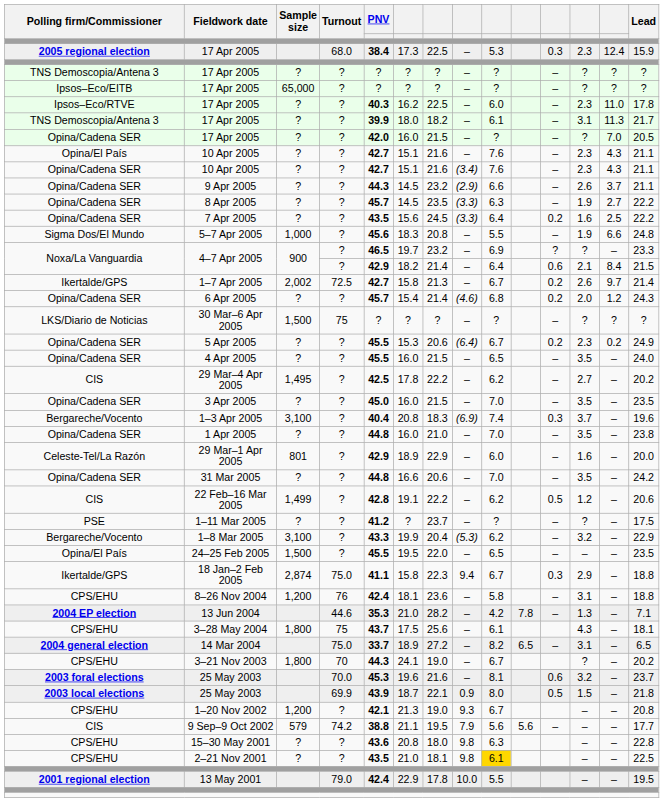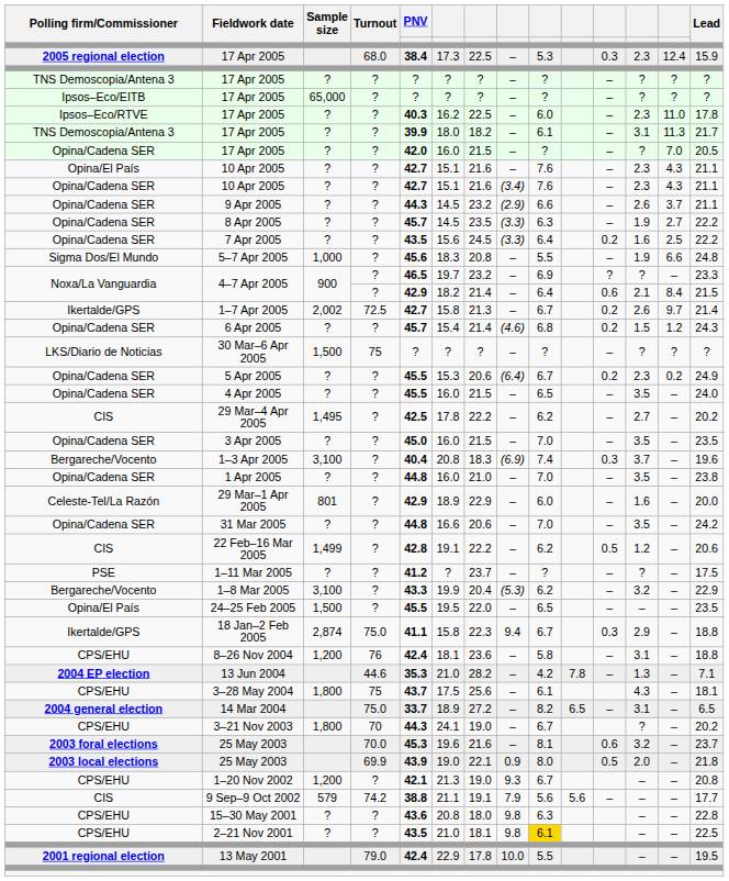 <table class="wikitable collapsible collapsed" style="text-align:center; font-size:95%; line-height:16px;">
 <tr style="height:42px;">
 <th style="width:250px;" rowspan="2">Polling firm/Commissioner</th>
 <th style="width:125px;" rowspan="2">Fieldwork date</th>
 <th style="width:50px;" rowspan="2">Sample size</th>
 <th style="width:45px;" rowspan="2">Turnout</th>
 <th style="width:35px;"><a href='#'>PNV</a></th>
 <th style="width:35px;"></th>
 <th style="width:35px;"></th>
 <th style="width:35px;"><br></th>
 <th style="width:35px;"></th>
 <th style="width:35px;"></th>
 <th style="width:35px;"></th>
 <th style="width:35px;"></th>
 <th style="width:35px;"></th>
 <th style="width:30px;" rowspan="2">Lead</th>
 </tr>
 <tr>
 <th style="color:inherit;background:"></th>
 <th style="color:inherit;background:"></th>
 <th style="color:inherit;background:"></th>
 <th style="color:inherit;background:"></th>
 <th style="color:inherit;background:"></th>
 <th style="color:inherit;background:"></th>
 <th style="color:inherit;background:"></th>
 <th style="color:inherit;background:"></th>
 <th style="color:inherit;background:"></th>
 </tr>
 <tr>
 <td colspan="14" style="background:#A0A0A0"></td>
 </tr>
 <tr style="background:#EFEFEF;">
 <td><strong><a href='#'>2005 regional election</a></strong></td>
 <td>17 Apr 2005</td>
 <td></td>
 <td>68.0</td>
 <td><strong>38.4</strong><br></td>
 <td>17.3<br></td>
 <td>22.5<br></td>
 <td>–</td>
 <td>5.3<br></td>
 <td></td>
 <td>0.3<br></td>
 <td>2.3<br></td>
 <td>12.4<br></td>
 <td style="background:">15.9</td>
 </tr>
 <tr>
 <td colspan="14" style="background:#A0A0A0"></td>
 </tr>
 <tr style="background:#EAFFEA;">
 <td>TNS Demoscopia/Antena 3</td>
 <td>17 Apr 2005</td>
 <td>?</td>
 <td>?</td>
 <td>?<br></td>
 <td>?<br></td>
 <td>?<br></td>
 <td>–</td>
 <td>?<br></td>
 <td></td>
 <td>–</td>
 <td>?<br></td>
 <td>?<br></td>
 <td style="background:">?</td>
 </tr>
 <tr style="background:#EAFFEA;">
 <td>Ipsos–Eco/EITB</td>
 <td>17 Apr 2005</td>
 <td>65,000</td>
 <td>?</td>
 <td>?<br></td>
 <td>?<br></td>
 <td>?<br></td>
 <td>–</td>
 <td>?<br></td>
 <td></td>
 <td>–</td>
 <td>?<br></td>
 <td>?<br></td>
 <td style="background:">?</td>
 </tr>
 <tr style="background:#EAFFEA;">
 <td>Ipsos–Eco/RTVE</td>
 <td>17 Apr 2005</td>
 <td>?</td>
 <td>?</td>
 <td><strong>40.3</strong><br></td>
 <td>16.2<br></td>
 <td>22.5<br></td>
 <td>–</td>
 <td>6.0<br></td>
 <td></td>
 <td>–</td>
 <td>2.3<br></td>
 <td>11.0<br></td>
 <td style="background:">17.8</td>
 </tr>
 <tr style="background:#EAFFEA;">
 <td>TNS Demoscopia/Antena 3</td>
 <td>17 Apr 2005</td>
 <td>?</td>
 <td>?</td>
 <td><strong>39.9</strong><br></td>
 <td>18.0<br></td>
 <td>18.2<br></td>
 <td>–</td>
 <td>6.1<br></td>
 <td></td>
 <td>–</td>
 <td>3.1<br></td>
 <td>11.3<br></td>
 <td style="background:">21.7</td>
 </tr>
 <tr style="background:#EAFFEA;">
 <td>Opina/Cadena SER</td>
 <td>17 Apr 2005</td>
 <td>?</td>
 <td>?</td>
 <td><strong>42.0</strong><br></td>
 <td>16.0<br></td>
 <td>21.5<br></td>
 <td>–</td>
 <td>?<br></td>
 <td></td>
 <td>–</td>
 <td>?<br></td>
 <td>7.0<br></td>
 <td style="background:">20.5</td>
 </tr>
 <tr>
 <td>Opina/El País</td>
 <td>10 Apr 2005</td>
 <td>?</td>
 <td>?</td>
 <td><strong>42.7</strong><br></td>
 <td>15.1<br></td>
 <td>21.6<br></td>
 <td>–</td>
 <td>7.6<br></td>
 <td></td>
 <td>–</td>
 <td>2.3<br></td>
 <td>4.3<br></td>
 <td style="background:">21.1</td>
 </tr>
 <tr>
 <td>Opina/Cadena SER</td>
 <td>10 Apr 2005</td>
 <td>?</td>
 <td>?</td>
 <td><strong>42.7</strong><br></td>
 <td>15.1<br></td>
 <td>21.6<br></td>
 <td><em>(3.4)</em></td>
 <td>7.6<br></td>
 <td></td>
 <td>–</td>
 <td>2.3<br></td>
 <td>4.3<br></td>
 <td style="background:">21.1</td>
 </tr>
 <tr>
 <td>Opina/Cadena SER</td>
 <td>9 Apr 2005</td>
 <td>?</td>
 <td>?</td>
 <td><strong>44.3</strong><br></td>
 <td>14.5<br></td>
 <td>23.2<br></td>
 <td><em>(2.9)</em></td>
 <td>6.6<br></td>
 <td></td>
 <td>–</td>
 <td>2.6<br></td>
 <td>3.7<br></td>
 <td style="background:">21.1</td>
 </tr>
 <tr>
 <td>Opina/Cadena SER</td>
 <td>8 Apr 2005</td>
 <td>?</td>
 <td>?</td>
 <td><strong>45.7</strong><br></td>
 <td>14.5<br></td>
 <td>23.5<br></td>
 <td><em>(3.3)</em></td>
 <td>6.3<br></td>
 <td></td>
 <td>–</td>
 <td>1.9<br></td>
 <td>2.7<br></td>
 <td style="background:">22.2</td>
 </tr>
 <tr>
 <td>Opina/Cadena SER</td>
 <td>7 Apr 2005</td>
 <td>?</td>
 <td>?</td>
 <td><strong>43.5</strong><br></td>
 <td>15.6<br></td>
 <td>24.5<br></td>
 <td><em>(3.3)</em></td>
 <td>6.4<br></td>
 <td></td>
 <td>0.2<br></td>
 <td>1.6<br></td>
 <td>2.5<br></td>
 <td style="background:">22.2</td>
 </tr>
 <tr>
 <td>Sigma Dos/El Mundo</td>
 <td>5–7 Apr 2005</td>
 <td>1,000</td>
 <td>?</td>
 <td><strong>45.6</strong><br></td>
 <td>18.3<br></td>
 <td>20.8<br></td>
 <td>–</td>
 <td>5.5<br></td>
 <td></td>
 <td>–</td>
 <td>1.9<br></td>
 <td>6.6<br></td>
 <td style="background:">24.8</td>
 </tr>
 <tr>
 <td rowspan="2">Noxa/La Vanguardia</td>
 <td rowspan="2">4–7 Apr 2005</td>
 <td rowspan="2">900</td>
 <td>?</td>
 <td><strong>46.5</strong><br></td>
 <td>19.7<br></td>
 <td>23.2<br></td>
 <td>–</td>
 <td>6.9<br></td>
 <td></td>
 <td>?<br></td>
 <td>?<br></td>
 <td>–</td>
 <td style="background:">23.3</td>
 </tr>
 <tr>
 <td>?</td>
 <td><strong>42.9</strong><br></td>
 <td>18.2<br></td>
 <td>21.4<br></td>
 <td>–</td>
 <td>6.4<br></td>
 <td></td>
 <td>0.6<br></td>
 <td>2.1<br></td>
 <td>8.4<br></td>
 <td style="background:">21.5</td>
 </tr>
 <tr>
 <td>Ikertalde/GPS</td>
 <td>1–7 Apr 2005</td>
 <td>2,002</td>
 <td>72.5</td>
 <td><strong>42.7</strong><br></td>
 <td>15.8<br></td>
 <td>21.3<br></td>
 <td>–</td>
 <td>6.7<br></td>
 <td></td>
 <td>0.2<br></td>
 <td>2.6<br></td>
 <td>9.7<br></td>
 <td style="background:">21.4</td>
 </tr>
 <tr>
 <td>Opina/Cadena SER</td>
 <td>6 Apr 2005</td>
 <td>?</td>
 <td>?</td>
 <td><strong>45.7</strong><br></td>
 <td>15.4<br></td>
 <td>21.4<br></td>
 <td><em>(4.6)</em></td>
 <td>6.8<br></td>
 <td></td>
 <td>0.2<br></td>
-<td>2.0<br></td>
+<td>1.5</td>
 <td>1.2<br></td>
 <td style="background:">24.3</td>
 </tr>
 <tr>
 <td>LKS/Diario de Noticias</td>
 <td>30 Mar–6 Apr 2005</td>
 <td>1,500</td>
 <td>75</td>
 <td>?<br></td>
 <td>?<br></td>
 <td>?<br></td>
 <td>–</td>
 <td>?<br></td>
 <td></td>
 <td>–</td>
 <td>?<br></td>
 <td>?<br></td>
 <td style="background:">?</td>
 </tr>
 <tr>
 <td>Opina/Cadena SER</td>
 <td>5 Apr 2005</td>
 <td>?</td>
 <td>?</td>
 <td><strong>45.5</strong><br></td>
 <td>15.3<br></td>
 <td>20.6<br></td>
 <td><em>(6.4)</em></td>
 <td>6.7<br></td>
 <td></td>
 <td>0.2<br></td>
 <td>2.3<br></td>
 <td>0.2<br></td>
 <td style="background:">24.9</td>
 </tr>
 <tr>
 <td>Opina/Cadena SER</td>
 <td>4 Apr 2005</td>
 <td>?</td>
 <td>?</td>
 <td><strong>45.5</strong><br></td>
 <td>16.0<br></td>
 <td>21.5<br></td>
 <td>–</td>
 <td>6.5<br></td>
 <td></td>
 <td>–</td>
 <td>3.5<br></td>
 <td>–</td>
 <td style="background:">24.0</td>
 </tr>
 <tr>
 <td>CIS</td>
 <td>29 Mar–4 Apr 2005</td>
 <td>1,495</td>
 <td>?</td>
 <td><strong>42.5</strong><br></td>
 <td>17.8<br></td>
 <td>22.2<br></td>
 <td>–</td>
 <td>6.2<br></td>
 <td></td>
 <td>–</td>
 <td>2.7<br></td>
 <td>–</td>
 <td style="background:">20.2</td>
 </tr>
 <tr>
 <td>Opina/Cadena SER</td>
 <td>3 Apr 2005</td>
 <td>?</td>
 <td>?</td>
 <td><strong>45.0</strong><br></td>
 <td>16.0<br></td>
 <td>21.5<br></td>
 <td>–</td>
 <td>7.0<br></td>
 <td></td>
 <td>–</td>
 <td>3.5<br></td>
 <td>–</td>
 <td style="background:">23.5</td>
 </tr>
 <tr>
 <td>Bergareche/Vocento</td>
 <td>1–3 Apr 2005</td>
 <td>3,100</td>
 <td>?</td>
 <td><strong>40.4</strong><br></td>
 <td>20.8<br></td>
 <td>18.3<br></td>
 <td><em>(6.9)</em></td>
 <td>7.4<br></td>
 <td></td>
 <td>0.3<br></td>
 <td>3.7<br></td>
 <td>–</td>
 <td style="background:">19.6</td>
 </tr>
 <tr>
 <td>Opina/Cadena SER</td>
 <td>1 Apr 2005</td>
 <td>?</td>
 <td>?</td>
 <td><strong>44.8</strong><br></td>
 <td>16.0<br></td>
 <td>21.0<br></td>
 <td>–</td>
 <td>7.0<br></td>
 <td></td>
 <td>–</td>
 <td>3.5<br></td>
 <td>–</td>
 <td style="background:">23.8</td>
 </tr>
 <tr>
 <td>Celeste-Tel/La Razón</td>
 <td>29 Mar–1 Apr 2005</td>
 <td>801</td>
 <td>?</td>
 <td><strong>42.9</strong><br></td>
 <td>18.9<br></td>
 <td>22.9<br></td>
 <td>–</td>
 <td>6.0<br></td>
 <td></td>
 <td>–</td>
 <td>1.6<br></td>
 <td>–</td>
 <td style="background:">20.0</td>
 </tr>
 <tr>
 <td>Opina/Cadena SER</td>
 <td>31 Mar 2005</td>
 <td>?</td>
 <td>?</td>
 <td><strong>44.8</strong><br></td>
 <td>16.6<br></td>
 <td>20.6<br></td>
 <td>–</td>
 <td>7.0<br></td>
 <td></td>
 <td>–</td>
 <td>3.5<br></td>
 <td>–</td>
 <td style="background:">24.2</td>
 </tr>
 <tr>
 <td>CIS</td>
 <td>22 Feb–16 Mar 2005</td>
 <td>1,499</td>
 <td>?</td>
 <td><strong>42.8</strong><br></td>
 <td>19.1<br></td>
 <td>22.2<br></td>
 <td>–</td>
 <td>6.2<br></td>
 <td></td>
 <td>0.5<br></td>
 <td>1.2<br></td>
 <td>–</td>
 <td style="background:">20.6</td>
 </tr>
 <tr>
 <td>PSE</td>
 <td>1–11 Mar 2005</td>
 <td>?</td>
 <td>?</td>
 <td><strong>41.2</strong><br></td>
 <td>?<br></td>
 <td>23.7<br></td>
 <td>–</td>
 <td>?<br></td>
 <td></td>
 <td>–</td>
 <td>?<br></td>
 <td>–</td>
 <td style="background:">17.5</td>
 </tr>
 <tr>
 <td>Bergareche/Vocento</td>
 <td>1–8 Mar 2005</td>
 <td>3,100</td>
 <td>?</td>
 <td><strong>43.3</strong><br></td>
 <td>19.9<br></td>
 <td>20.4<br></td>
 <td><em>(5.3)</em></td>
 <td>6.2<br></td>
 <td></td>
 <td>–</td>
 <td>3.2<br></td>
 <td>–</td>
 <td style="background:">22.9</td>
 </tr>
 <tr>
 <td>Opina/El País</td>
 <td>24–25 Feb 2005</td>
 <td>1,500</td>
 <td>?</td>
 <td><strong>45.5</strong><br></td>
 <td>19.5<br></td>
 <td>22.0<br></td>
 <td>–</td>
 <td>6.5<br></td>
 <td></td>
 <td>–</td>
 <td>–</td>
 <td>–</td>
 <td style="background:">23.5</td>
 </tr>
 <tr>
 <td>Ikertalde/GPS</td>
 <td>18 Jan–2 Feb 2005</td>
 <td>2,874</td>
 <td>75.0</td>
 <td><strong>41.1</strong><br></td>
 <td>15.8<br></td>
 <td>22.3<br></td>
 <td>9.4<br></td>
 <td>6.7<br></td>
 <td></td>
 <td>0.3<br></td>
 <td>2.9<br></td>
 <td>–</td>
 <td style="background:">18.8</td>
 </tr>
 <tr>
 <td>CPS/EHU</td>
 <td>8–26 Nov 2004</td>
 <td>1,200</td>
 <td>76</td>
 <td><strong>42.4</strong><br></td>
 <td>18.1<br></td>
 <td>23.6<br></td>
 <td>–</td>
 <td>5.8<br></td>
 <td></td>
 <td>–</td>
 <td>3.1<br></td>
 <td>–</td>
 <td style="background:">18.8</td>
 </tr>
 <tr style="background:#EFEFEF;">
 <td><strong><a href='#'>2004 EP election</a></strong></td>
 <td>13 Jun 2004</td>
 <td></td>
 <td>44.6</td>
 <td><strong>35.3</strong><br></td>
 <td>21.0<br></td>
 <td>28.2<br></td>
 <td>–</td>
 <td>4.2<br></td>
 <td>7.8<br></td>
 <td>–</td>
 <td>1.3<br></td>
 <td>–</td>
 <td style="background:">7.1</td>
 </tr>
 <tr>
 <td>CPS/EHU</td>
 <td>3–28 May 2004</td>
 <td>1,800</td>
 <td>75</td>
 <td><strong>43.7</strong><br></td>
 <td>17.5<br></td>
 <td>25.6<br></td>
 <td>–</td>
 <td>6.1<br></td>
 <td></td>
 <td></td>
 <td>4.3<br></td>
 <td>–</td>
 <td style="background:">18.1</td>
 </tr>
 <tr style="background:#EFEFEF;">
 <td><strong><a href='#'>2004 general election</a></strong></td>
 <td>14 Mar 2004</td>
 <td></td>
 <td>75.0</td>
 <td><strong>33.7</strong><br></td>
 <td>18.9<br></td>
 <td>27.2<br></td>
 <td>–</td>
 <td>8.2<br></td>
 <td>6.5<br></td>
 <td>–</td>
 <td>3.1<br></td>
 <td>–</td>
 <td style="background:">6.5</td>
 </tr>
 <tr>
 <td>CPS/EHU</td>
 <td>3–21 Nov 2003</td>
 <td>1,800</td>
 <td>70</td>
 <td><strong>44.3</strong><br></td>
 <td>24.1<br></td>
 <td>19.0<br></td>
 <td>–</td>
 <td>6.7<br></td>
 <td></td>
 <td></td>
 <td>?<br></td>
 <td>–</td>
 <td style="background:">20.2</td>
 </tr>
 <tr style="background:#EFEFEF;">
 <td><strong><a href='#'>2003 foral elections</a></strong></td>
 <td>25 May 2003</td>
 <td></td>
 <td>70.0</td>
 <td><strong>45.3</strong><br></td>
 <td>19.6<br></td>
 <td>21.6<br></td>
 <td>–</td>
 <td>8.1<br></td>
 <td></td>
 <td>0.6<br></td>
 <td>3.2<br></td>
 <td>–</td>
 <td style="background:">23.7</td>
 </tr>
 <tr style="background:#EFEFEF;">
 <td><strong><a href='#'>2003 local elections</a></strong></td>
 <td>25 May 2003</td>
 <td></td>
 <td>69.9</td>
 <td><strong>43.9</strong></td>
-<td>18.7</td>
+<td>19.0</td>
 <td>22.1</td>
 <td>0.9</td>
 <td>8.0</td>
 <td></td>
 <td>0.5</td>
-<td>1.5</td>
+<td>2.0<br></td>
 <td>–</td>
 <td style="background:">21.8</td>
 </tr>
 <tr>
 <td>CPS/EHU</td>
 <td>1–20 Nov 2002</td>
 <td>1,200</td>
 <td>?</td>
 <td><strong>42.1</strong><br></td>
 <td>21.3<br></td>
 <td>19.0<br></td>
 <td>9.3<br></td>
 <td>6.7<br></td>
 <td></td>
 <td></td>
 <td>–</td>
 <td>–</td>
 <td style="background:">20.8</td>
 </tr>
 <tr>
 <td>CIS</td>
 <td>9 Sep–9 Oct 2002</td>
 <td>579</td>
 <td>74.2</td>
 <td><strong>38.8</strong></td>
 <td>21.1</td>
-<td>19.5</td>
+<td>19.1</td>
 <td>7.9</td>
 <td>5.6</td>
 <td>5.6</td>
 <td>–</td>
 <td>–</td>
 <td>–</td>
 <td style="background:">17.7</td>
 </tr>
 <tr>
 <td>CPS/EHU</td>
 <td>15–30 May 2001</td>
 <td>?</td>
 <td>?</td>
 <td><strong>43.6</strong><br></td>
 <td>20.8<br></td>
 <td>18.0<br></td>
 <td>9.8<br></td>
 <td>6.3<br></td>
 <td></td>
 <td></td>
 <td>–</td>
 <td>–</td>
 <td style="background:">22.8</td>
 </tr>
 <tr>
 <td>CPS/EHU</td>
 <td>2–21 Nov 2001</td>
 <td>?</td>
 <td>?</td>
 <td><strong>43.5</strong><br></td>
 <td>21.0<br></td>
 <td>18.1<br></td>
 <td>9.8<br></td>
 <td style="background: gold;">6.1<br></td>
 <td></td>
 <td></td>
 <td>–</td>
 <td>–</td>
 <td style="background:">22.5</td>
 </tr>
 <tr>
 <td colspan="14" style="background:#A0A0A0"></td>
 </tr>
 <tr style="background:#EFEFEF;">
 <td><strong><a href='#'>2001 regional election</a></strong></td>
 <td>13 May 2001</td>
 <td></td>
 <td>79.0</td>
 <td><strong>42.4</strong><br></td>
 <td>22.9<br></td>
 <td>17.8<br></td>
 <td>10.0<br></td>
 <td>5.5<br></td>
 <td></td>
 <td></td>
 <td>–</td>
 <td>–</td>
 <td style="background:">19.5</td>
 </tr>
 <tr>
 <td colspan="14" style="background:#A0A0A0"></td>
 </tr>
 <tr>
 <td colspan="14"></td>
 </tr>
 </table>
